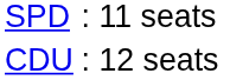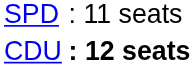 <table>
 <tr>
 <td><a href='#'>SPD</a></td>
 <td>: 11 seats</td>
 </tr>
 <tr --->
 <td><a href='#'>CDU</a></td>
-<td>: 12 seats</td>
+<td><strong>: 12 seats</strong></td>
 </tr>
 <tr --->
 </tr>
 </table>
